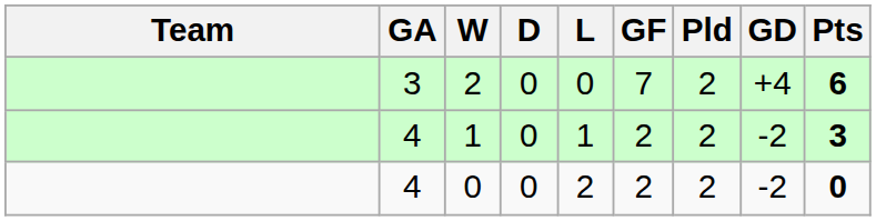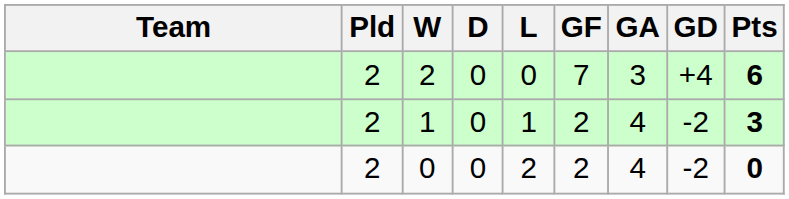 <table class="wikitable" style="text-align: center;">
 <tr>
 <th width="175">Team</th>
-<th width="20">GA</th>
+<th width="20">Pld</th>
 <th width="20">W</th>
 <th width="20">D</th>
 <th width="20">L</th>
 <th width="20">GF</th>
-<th width="20">Pld</th>
+<th width="20">GA</th>
 <th width="20">GD</th>
 <th width="20">Pts</th>
 </tr>
 <tr bgcolor=#ccffcc>
 <td align=left></td>
-<td>3</td>
+<td>2</td>
 <td>2</td>
 <td>0</td>
 <td>0</td>
 <td>7</td>
-<td>2</td>
+<td>3</td>
 <td>+4</td>
 <td><strong>6</strong></td>
 </tr>
 <tr bgcolor=#ccffcc>
 <td align=left></td>
-<td>4</td>
+<td>2</td>
 <td>1</td>
 <td>0</td>
 <td>1</td>
 <td>2</td>
-<td>2</td>
+<td>4</td>
 <td>-2</td>
 <td><strong>3</strong></td>
 </tr>
 <tr>
 <td align=left></td>
-<td>4</td>
+<td>2</td>
 <td>0</td>
 <td>0</td>
 <td>2</td>
 <td>2</td>
-<td>2</td>
+<td>4</td>
 <td>-2</td>
 <td><strong>0</strong></td>
 </tr>
 </table>
